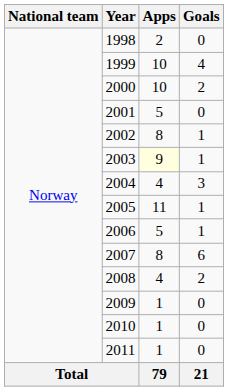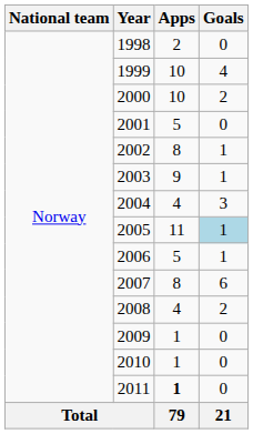 <table class="wikitable" style="text-align:center">
 <tr>
 <th>National team</th>
 <th>Year</th>
 <th>Apps</th>
 <th>Goals</th>
 </tr>
 <tr>
 <td rowspan="14"><a href='#'>Norway</a></td>
 <td>1998</td>
 <td>2</td>
 <td>0</td>
 </tr>
 <tr>
 <td>1999</td>
 <td>10</td>
 <td>4</td>
 </tr>
 <tr>
 <td>2000</td>
 <td>10</td>
 <td>2</td>
 </tr>
 <tr>
 <td>2001</td>
 <td>5</td>
 <td>0</td>
 </tr>
 <tr>
 <td>2002</td>
 <td>8</td>
 <td>1</td>
 </tr>
 <tr>
 <td>2003</td>
-<td style="background: lightyellow;">9</td>
+<td>9</td>
 <td>1</td>
 </tr>
 <tr>
 <td>2004</td>
 <td>4</td>
 <td>3</td>
 </tr>
 <tr>
 <td>2005</td>
 <td>11</td>
-<td>1</td>
+<td style="background: lightblue;">1</td>
 </tr>
 <tr>
 <td>2006</td>
 <td>5</td>
 <td>1</td>
 </tr>
 <tr>
 <td>2007</td>
 <td>8</td>
 <td>6</td>
 </tr>
 <tr>
 <td>2008</td>
 <td>4</td>
 <td>2</td>
 </tr>
 <tr>
 <td>2009</td>
 <td>1</td>
 <td>0</td>
 </tr>
 <tr>
 <td>2010</td>
 <td>1</td>
 <td>0</td>
 </tr>
 <tr>
 <td>2011</td>
-<td>1</td>
+<td><strong>1</strong></td>
 <td>0</td>
 </tr>
 <tr>
 <th colspan="2">Total</th>
 <th>79</th>
 <th>21</th>
 </tr>
 </table>
